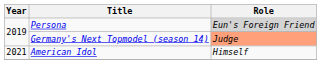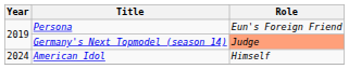 <table class="wikitable sortable">
 <tr>
 <th>Year</th>
 <th>Title</th>
 <th class="unsortable">Role</th>
 </tr>
 <tr>
 <td rowspan = "2">2019</td>
 <td><em><a href='#'>Persona</a></em></td>
-<td style="background: lightgrey;"><em>Eun's Foreign Friend</em></td>
+<td><em>Eun's Foreign Friend</em></td>
 </tr>
 <tr>
 <td><em><a href='#'>Germany's Next Topmodel (season 14)</a></em></td>
 <td style="background: lightsalmon;"><em>Judge</em></td>
 </tr>
 <tr>
-<td>2021</td>
+<td>2024</td>
 <td><em><a href='#'>American Idol</a></em></td>
 <td><em>Himself</em></td>
 </tr>
 <tr>
 </tr>
 </table>
